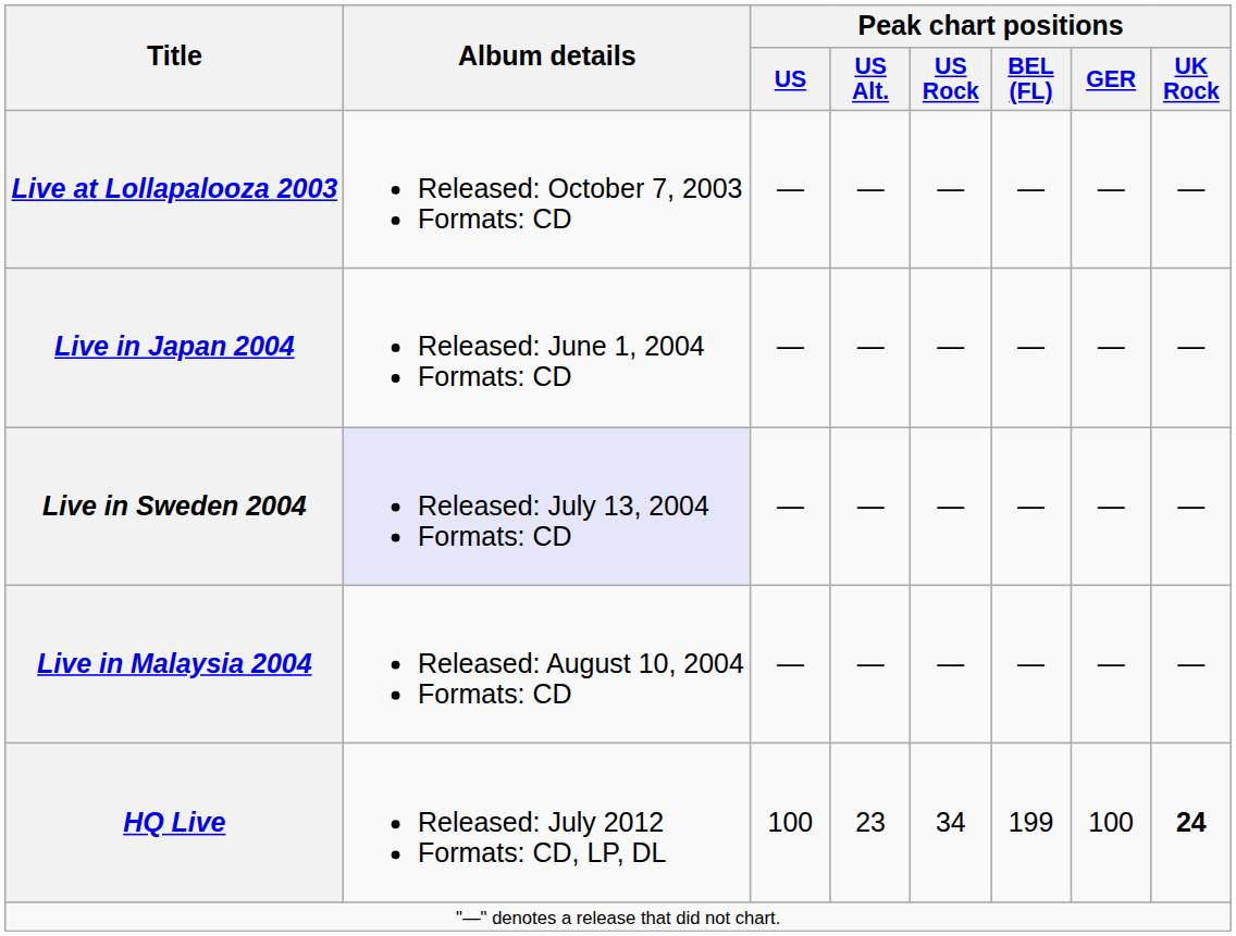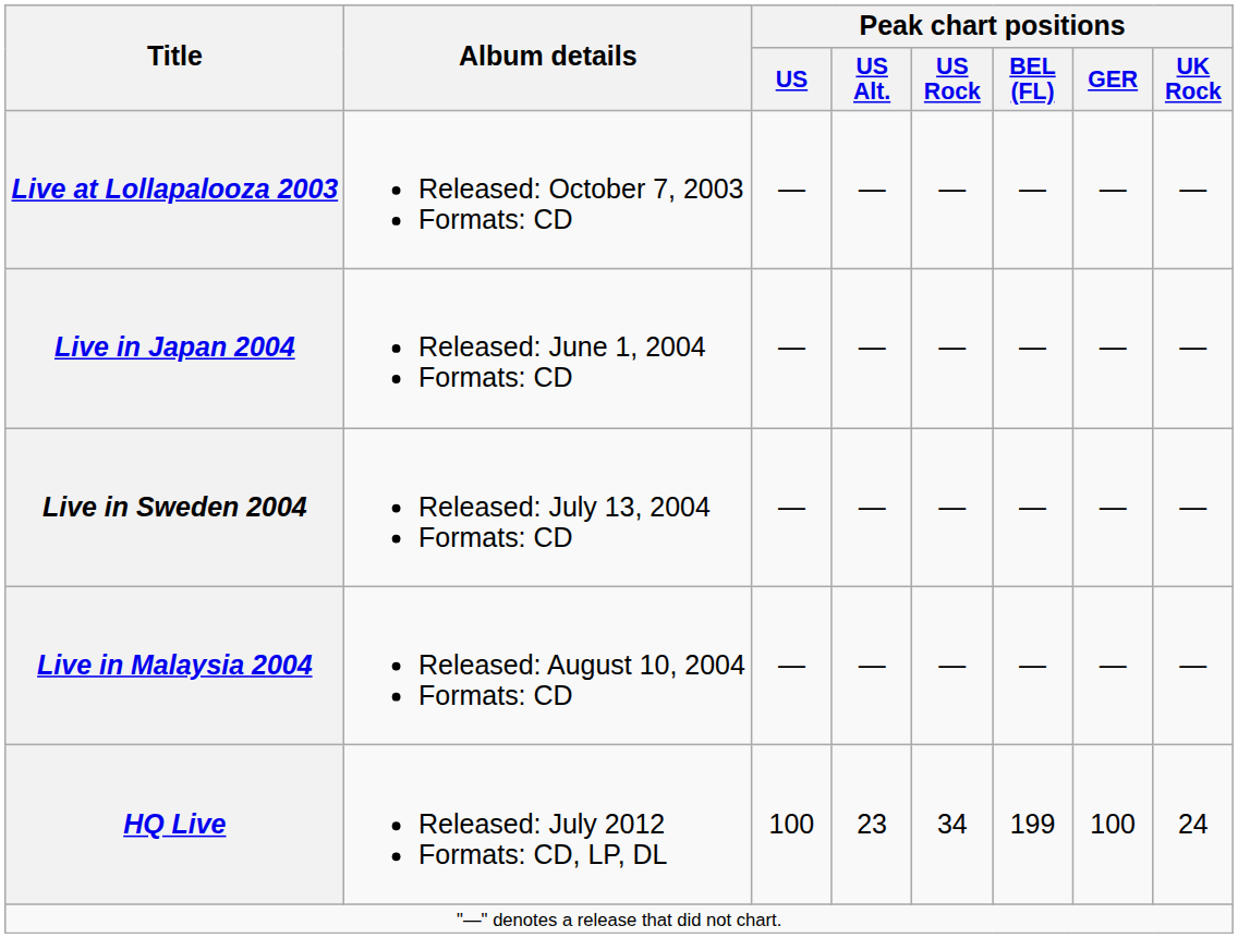 <table class="wikitable plainrowheaders">
 <tr>
 <th rowspan="2">Title</th>
 <th rowspan="2">Album details</th>
 <th colspan="6">Peak chart positions</th>
 </tr>
 <tr>
 <th style="width:3em;font-size:85%"><a href='#'>US</a><br></th>
 <th style="width:3em;font-size:85%"><a href='#'>US<br>Alt.</a><br></th>
 <th style="width:3em;font-size:85%"><a href='#'>US<br>Rock</a><br></th>
 <th style="width:3em;font-size:85%"><a href='#'>BEL<br>(FL)</a><br></th>
 <th style="width:3em;font-size:85%"><a href='#'>GER</a><br></th>
 <th style="width:3em;font-size:85%"><a href='#'>UK<br>Rock</a><br></th>
 </tr>
 <tr>
 <th scope="row"><em><a href='#'>Live at Lollapalooza 2003</a></em></th>
 <td><br><ul><li>Released: October 7, 2003</li><li>Formats: CD</li></ul></td>
 <td style="text-align:center;">—</td>
 <td style="text-align:center;">—</td>
 <td style="text-align:center;">—</td>
 <td style="text-align:center;">—</td>
 <td style="text-align:center;">—</td>
 <td style="text-align:center;">—</td>
 </tr>
 <tr>
 <th scope="row"><em><a href='#'>Live in Japan 2004</a></em></th>
 <td><br><ul><li>Released: June 1, 2004</li><li>Formats: CD</li></ul></td>
 <td style="text-align:center;">—</td>
 <td style="text-align:center;">—</td>
 <td style="text-align:center;">—</td>
 <td style="text-align:center;">—</td>
 <td style="text-align:center;">—</td>
 <td style="text-align:center;">—</td>
 </tr>
 <tr>
 <th scope="row"><em>Live in Sweden 2004</em></th>
-<td style="background: lavender;"><br><ul><li>Released: July 13, 2004</li><li>Formats: CD</li></ul></td>
+<td><br><ul><li>Released: July 13, 2004</li><li>Formats: CD</li></ul></td>
 <td style="text-align:center;">—</td>
 <td style="text-align:center;">—</td>
 <td style="text-align:center;">—</td>
 <td style="text-align:center;">—</td>
 <td style="text-align:center;">—</td>
 <td style="text-align:center;">—</td>
 </tr>
 <tr>
 <th scope="row"><em><a href='#'>Live in Malaysia 2004</a></em></th>
 <td><br><ul><li>Released: August 10, 2004</li><li>Formats: CD</li></ul></td>
 <td style="text-align:center;">—</td>
 <td style="text-align:center;">—</td>
 <td style="text-align:center;">—</td>
 <td style="text-align:center;">—</td>
 <td style="text-align:center;">—</td>
 <td style="text-align:center;">—</td>
 </tr>
 <tr>
 <th scope="row"><em><a href='#'>HQ Live</a></em></th>
 <td><br><ul><li>Released: July 2012</li><li>Formats: CD, LP, DL</li></ul></td>
 <td style="text-align:center;">100</td>
 <td style="text-align:center;">23</td>
 <td style="text-align:center;">34</td>
 <td style="text-align:center;">199</td>
 <td style="text-align:center;">100</td>
-<td style="text-align:center;"><strong>24</strong></td>
+<td style="text-align:center;">24</td>
 </tr>
 <tr>
 <td colspan="12" style="text-align:center; font-size:8pt;">"—" denotes a release that did not chart.</td>
 </tr>
 </table>
